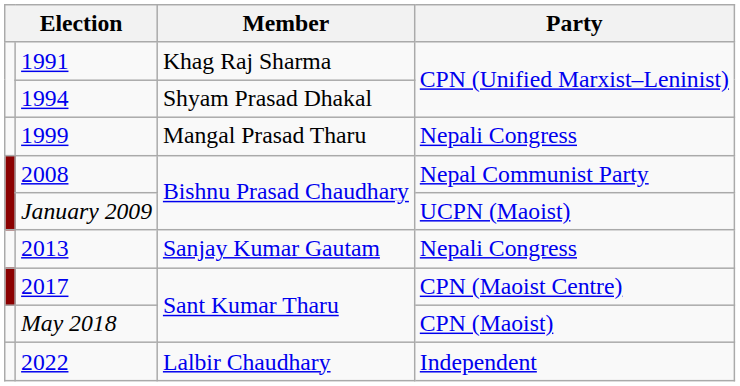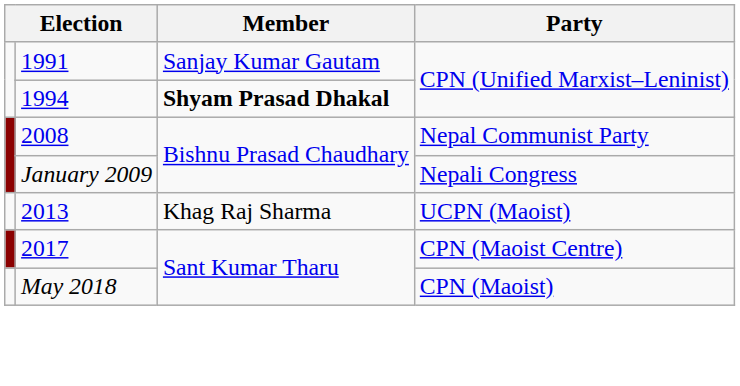 <table class="wikitable">
 <tr>
 <th colspan="2">Election</th>
 <th>Member</th>
 <th>Party</th>
 </tr>
 <tr>
 <td rowspan="2" style="background-color:"></td>
 <td><a href='#'>1991</a></td>
-<td>Khag Raj Sharma</td>
+<td><a href='#'>Sanjay Kumar Gautam</a></td>
 <td rowspan="2"><a href='#'>CPN (Unified Marxist–Leninist)</a></td>
 </tr>
 <tr>
 <td><a href='#'>1994</a></td>
-<td>Shyam Prasad Dhakal</td>
-</tr>
-<tr>
-<td style="background-color:"></td>
-<td><a href='#'>1999</a></td>
-<td>Mangal Prasad Tharu</td>
-<td><a href='#'>Nepali Congress</a></td>
+<td><strong>Shyam Prasad Dhakal</strong></td>
 </tr>
 <tr>
 <td rowspan="2" style="background-color:darkred"></td>
 <td><a href='#'>2008</a></td>
 <td rowspan="2"><a href='#'>Bishnu Prasad Chaudhary</a></td>
 <td><a href='#'>Nepal Communist Party</a></td>
 </tr>
 <tr>
 <td><em>January 2009</em></td>
-<td><a href='#'>UCPN (Maoist)</a></td>
+<td><a href='#'>Nepali Congress</a></td>
 </tr>
 <tr>
 <td style="background-color:"></td>
 <td><a href='#'>2013</a></td>
-<td><a href='#'>Sanjay Kumar Gautam</a></td>
-<td><a href='#'>Nepali Congress</a></td>
+<td>Khag Raj Sharma</td>
+<td><a href='#'>UCPN (Maoist)</a></td>
 </tr>
 <tr>
 <td style="background-color:darkred"></td>
 <td><a href='#'>2017</a></td>
 <td rowspan="2"><a href='#'>Sant Kumar Tharu</a></td>
 <td><a href='#'>CPN (Maoist Centre)</a></td>
 </tr>
 <tr>
 <td style="background-color:"></td>
 <td><em>May 2018</em></td>
 <td><a href='#'>CPN (Maoist)</a></td>
 </tr>
-<tr>
-<td></td>
-<td><a href='#'>2022</a></td>
-<td><a href='#'>Lalbir Chaudhary</a></td>
-<td><a href='#'>Independent</a></td>
-</tr>
 </table>
